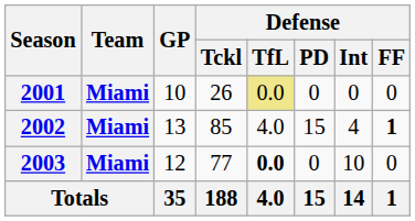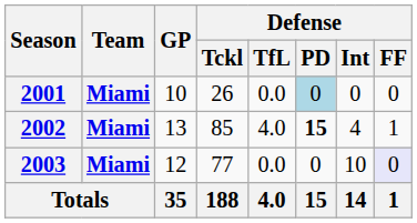 <table class="wikitable" style="text-align:center;">
 <tr>
 <th rowspan="2">Season</th>
 <th rowspan="2">Team</th>
 <th rowspan="2">GP</th>
 <th colspan="5">Defense</th>
 </tr>
 <tr>
 <th>Tckl</th>
 <th>TfL</th>
 <th>PD</th>
 <th>Int</th>
 <th>FF</th>
 </tr>
 <tr>
 <th><a href='#'>2001</a></th>
 <th><a href='#'>Miami</a></th>
 <td>10</td>
 <td>26</td>
-<td style="background: khaki;">0.0</td>
-<td>0</td>
+<td>0.0</td>
+<td style="background: lightblue;">0</td>
 <td>0</td>
 <td>0</td>
 </tr>
 <tr>
 <th><a href='#'>2002</a></th>
 <th><a href='#'>Miami</a></th>
 <td>13</td>
 <td>85</td>
 <td>4.0</td>
-<td>15</td>
+<td><strong>15</strong></td>
 <td>4</td>
-<td><strong>1</strong></td>
+<td>1</td>
 </tr>
 <tr>
 <th><a href='#'>2003</a></th>
 <th><a href='#'>Miami</a></th>
 <td>12</td>
 <td>77</td>
-<td><strong>0.0</strong></td>
+<td>0.0</td>
 <td>0</td>
 <td>10</td>
-<td>0</td>
+<td style="background: lavender;">0</td>
 </tr>
 <tr>
 <th colspan="2">Totals</th>
 <th>35</th>
 <th>188</th>
 <th>4.0</th>
 <th>15</th>
 <th>14</th>
 <th>1</th>
 </tr>
 </table>
